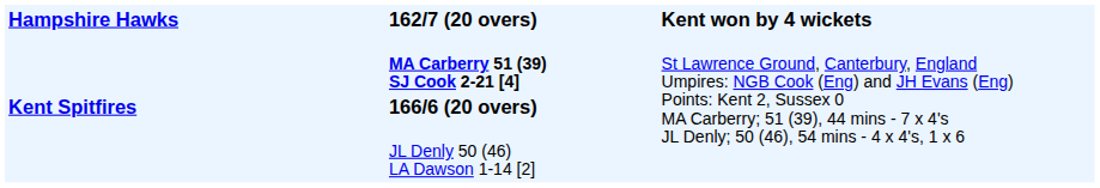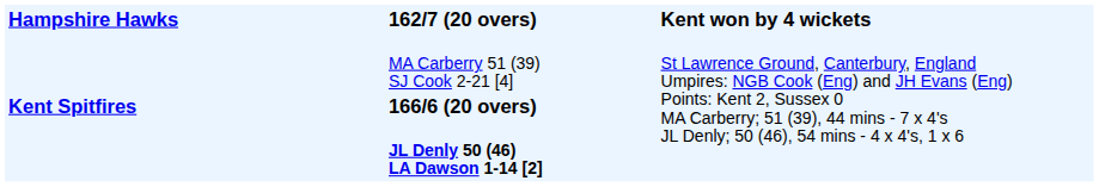 <table style="width:100%; background:#ebf5ff;">
 <tr>
 <td style="width:35%; vertical-align:top;" rowspan="2"><strong><a href='#'>Hampshire Hawks</a></strong></td>
 <td style="width:25%;"><strong>162/7 (20 overs)</strong></td>
 <td style="width:40%;"><strong>Kent won by 4 wickets</strong></td>
 </tr>
 <tr>
-<td style="font-size: 85%;"><strong><br><a href='#'>MA Carberry</a> 51 (39)<br> <a href='#'>SJ Cook</a> 2-21 [4]</strong></td>
+<td style="font-size: 85%;"><br><a href='#'>MA Carberry</a> 51 (39)<br> <a href='#'>SJ Cook</a> 2-21 [4]</td>
 <td style="vertical-align:top; font-size:85%;" rowspan="3"><br><a href='#'>St Lawrence Ground</a>, <a href='#'>Canterbury</a>, <a href='#'>England</a><br> Umpires: <a href='#'>NGB Cook</a> (<a href='#'>Eng</a>) and <a href='#'>JH Evans</a> (<a href='#'>Eng</a>)<br> Points: Kent 2, Sussex 0<br>MA Carberry; 51 (39), 44 mins - 7 x 4's<br> JL Denly; 50 (46), 54 mins - 4 x 4's, 1 x 6</td>
 </tr>
 <tr>
 <td style="vertical-align:top;" rowspan="2"><strong><a href='#'>Kent Spitfires</a></strong></td>
 <td><strong>166/6 (20 overs)</strong></td>
 </tr>
 <tr>
-<td style="font-size: 85%;"><br><a href='#'>JL Denly</a> 50 (46)<br> <a href='#'>LA Dawson</a> 1-14 [2]</td>
+<td style="font-size: 85%;"><strong><br><a href='#'>JL Denly</a> 50 (46)<br> <a href='#'>LA Dawson</a> 1-14 [2]</strong></td>
 </tr>
 </table>
